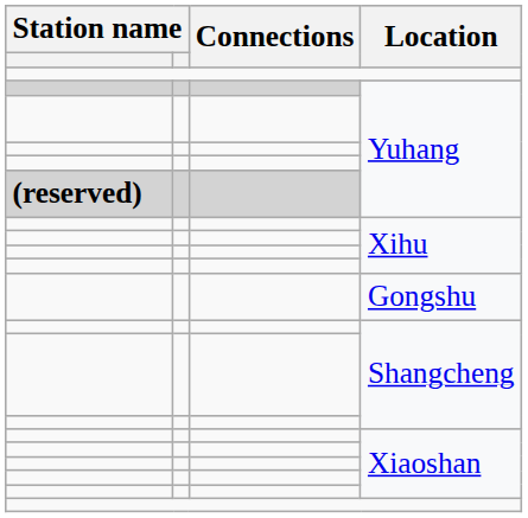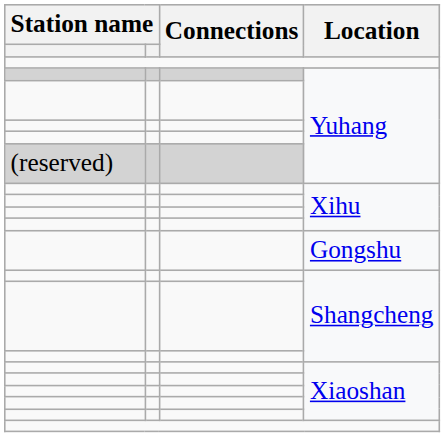 <table class="wikitable">
 <tr>
 <th colspan="2">Station name</th>
 <th rowspan="2">Connections<br></th>
 <th rowspan="2">Location</th>
 </tr>
 <tr>
 <th></th>
 <th></th>
 </tr>
 <tr style="background:#">
 <td colspan = "5"></td>
 </tr>
 <tr style = "background:lightgrey;">
 <td><em></em></td>
 <td></td>
 <td></td>
 <td style = "background:#F8F9FA;" rowspan=5><a href='#'>Yuhang</a></td>
 </tr>
 <tr>
 <td></td>
 <td></td>
 <td>  <br></td>
 </tr>
 <tr>
 <td></td>
 <td></td>
 <td></td>
 </tr>
 <tr>
 <td></td>
 <td></td>
 <td></td>
 </tr>
 <tr style = "background:lightgrey;">
-<td><strong><em></em> (reserved)</strong></td>
+<td><em></em> (reserved)</td>
 <td></td>
 <td></td>
 </tr>
 <tr>
 <td></td>
 <td></td>
 <td></td>
 <td style = "background:#F8F9FA;" rowspan="4"><a href='#'>Xihu</a></td>
 </tr>
 <tr>
 <td></td>
 <td></td>
 <td></td>
 </tr>
 <tr>
 <td></td>
 <td></td>
 <td></td>
 </tr>
 <tr>
 <td></td>
 <td></td>
 <td></td>
 </tr>
 <tr>
 <td></td>
 <td></td>
 <td> </td>
 <td style = "background:#F8F9FA;"><a href='#'>Gongshu</a></td>
 </tr>
 <tr>
 <td></td>
 <td></td>
 <td></td>
 <td style = "background:#F8F9FA;" rowspan="3"><a href='#'>Shangcheng</a></td>
 </tr>
 <tr>
 <td></td>
 <td></td>
 <td><br> <br></td>
 </tr>
 <tr>
 <td></td>
 <td></td>
 <td></td>
 </tr>
 <tr>
 <td></td>
 <td></td>
 <td></td>
 <td style = "background:#F8F9FA;" rowspan=5><a href='#'>Xiaoshan</a></td>
 </tr>
 <tr>
 <td></td>
 <td></td>
 <td></td>
 </tr>
 <tr>
 <td></td>
 <td></td>
 <td></td>
 </tr>
 <tr>
 <td></td>
 <td></td>
 <td>  </td>
 </tr>
 <tr>
 <td></td>
 <td></td>
 <td></td>
 </tr>
 <tr style="background:#">
 <td colspan = "5"></td>
 </tr>
 </table>
